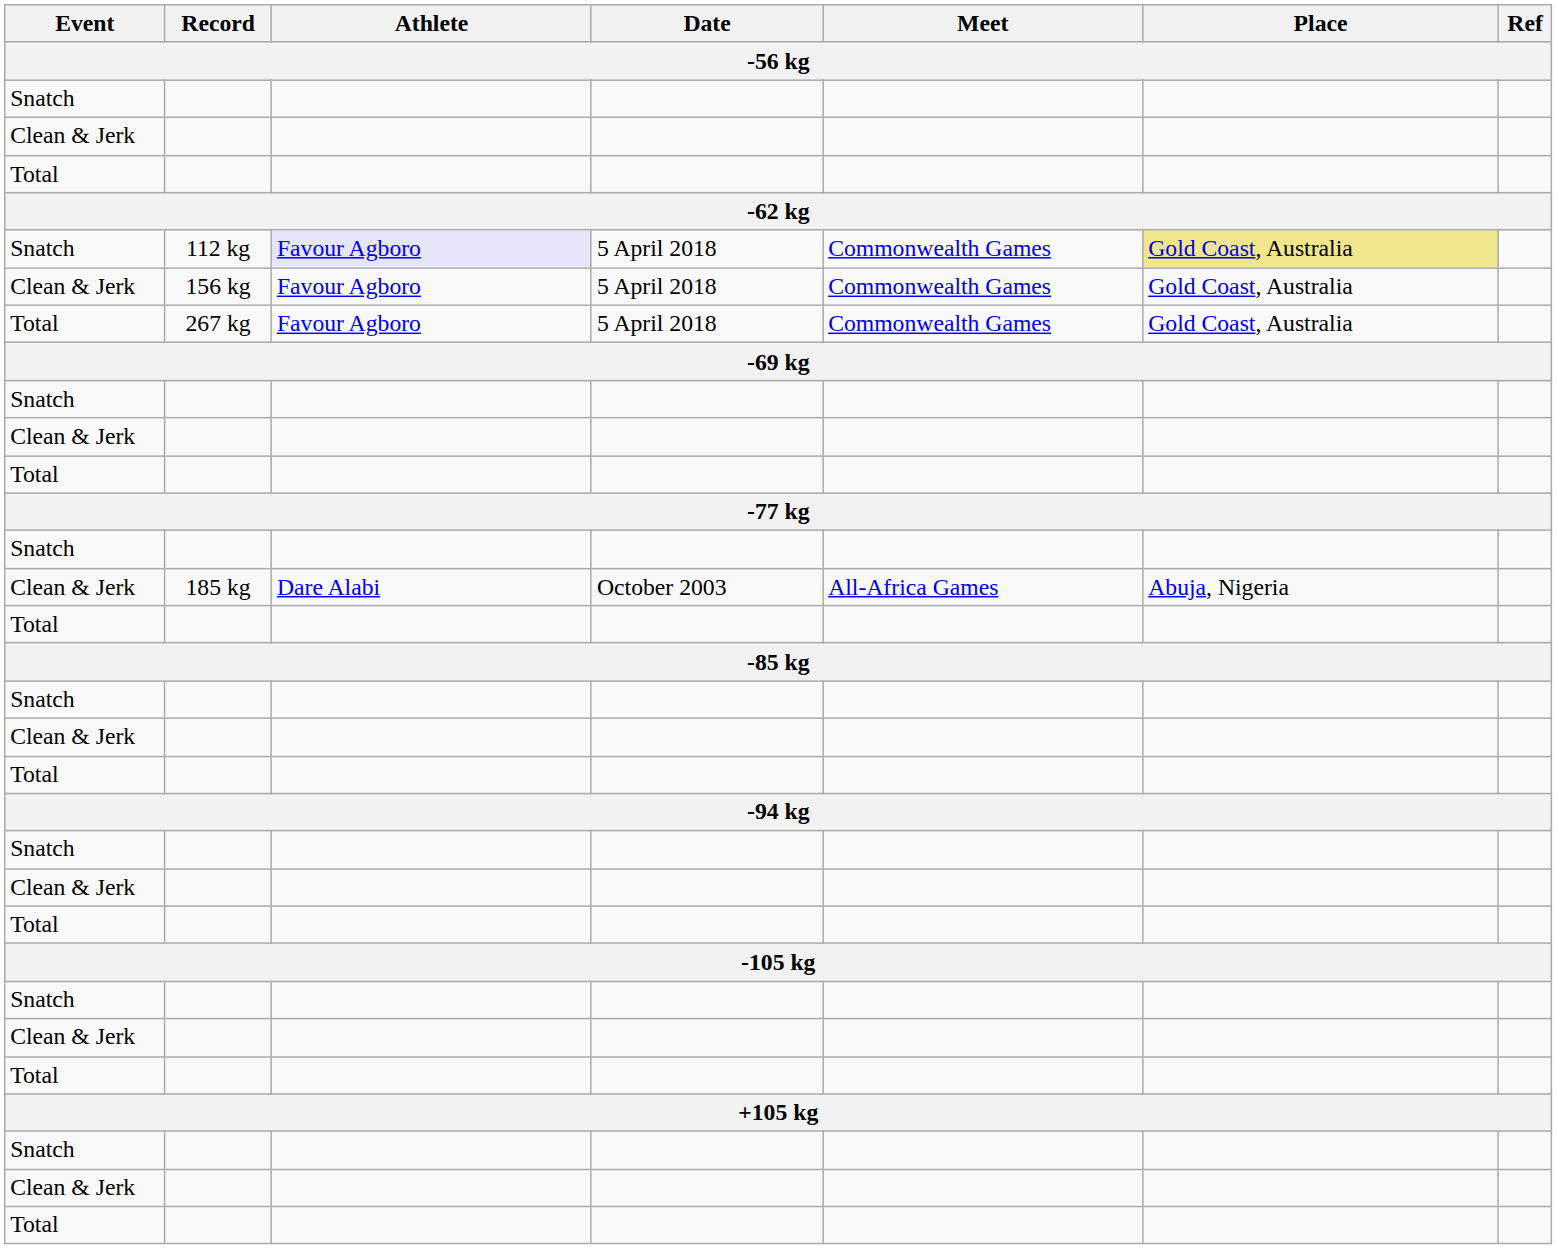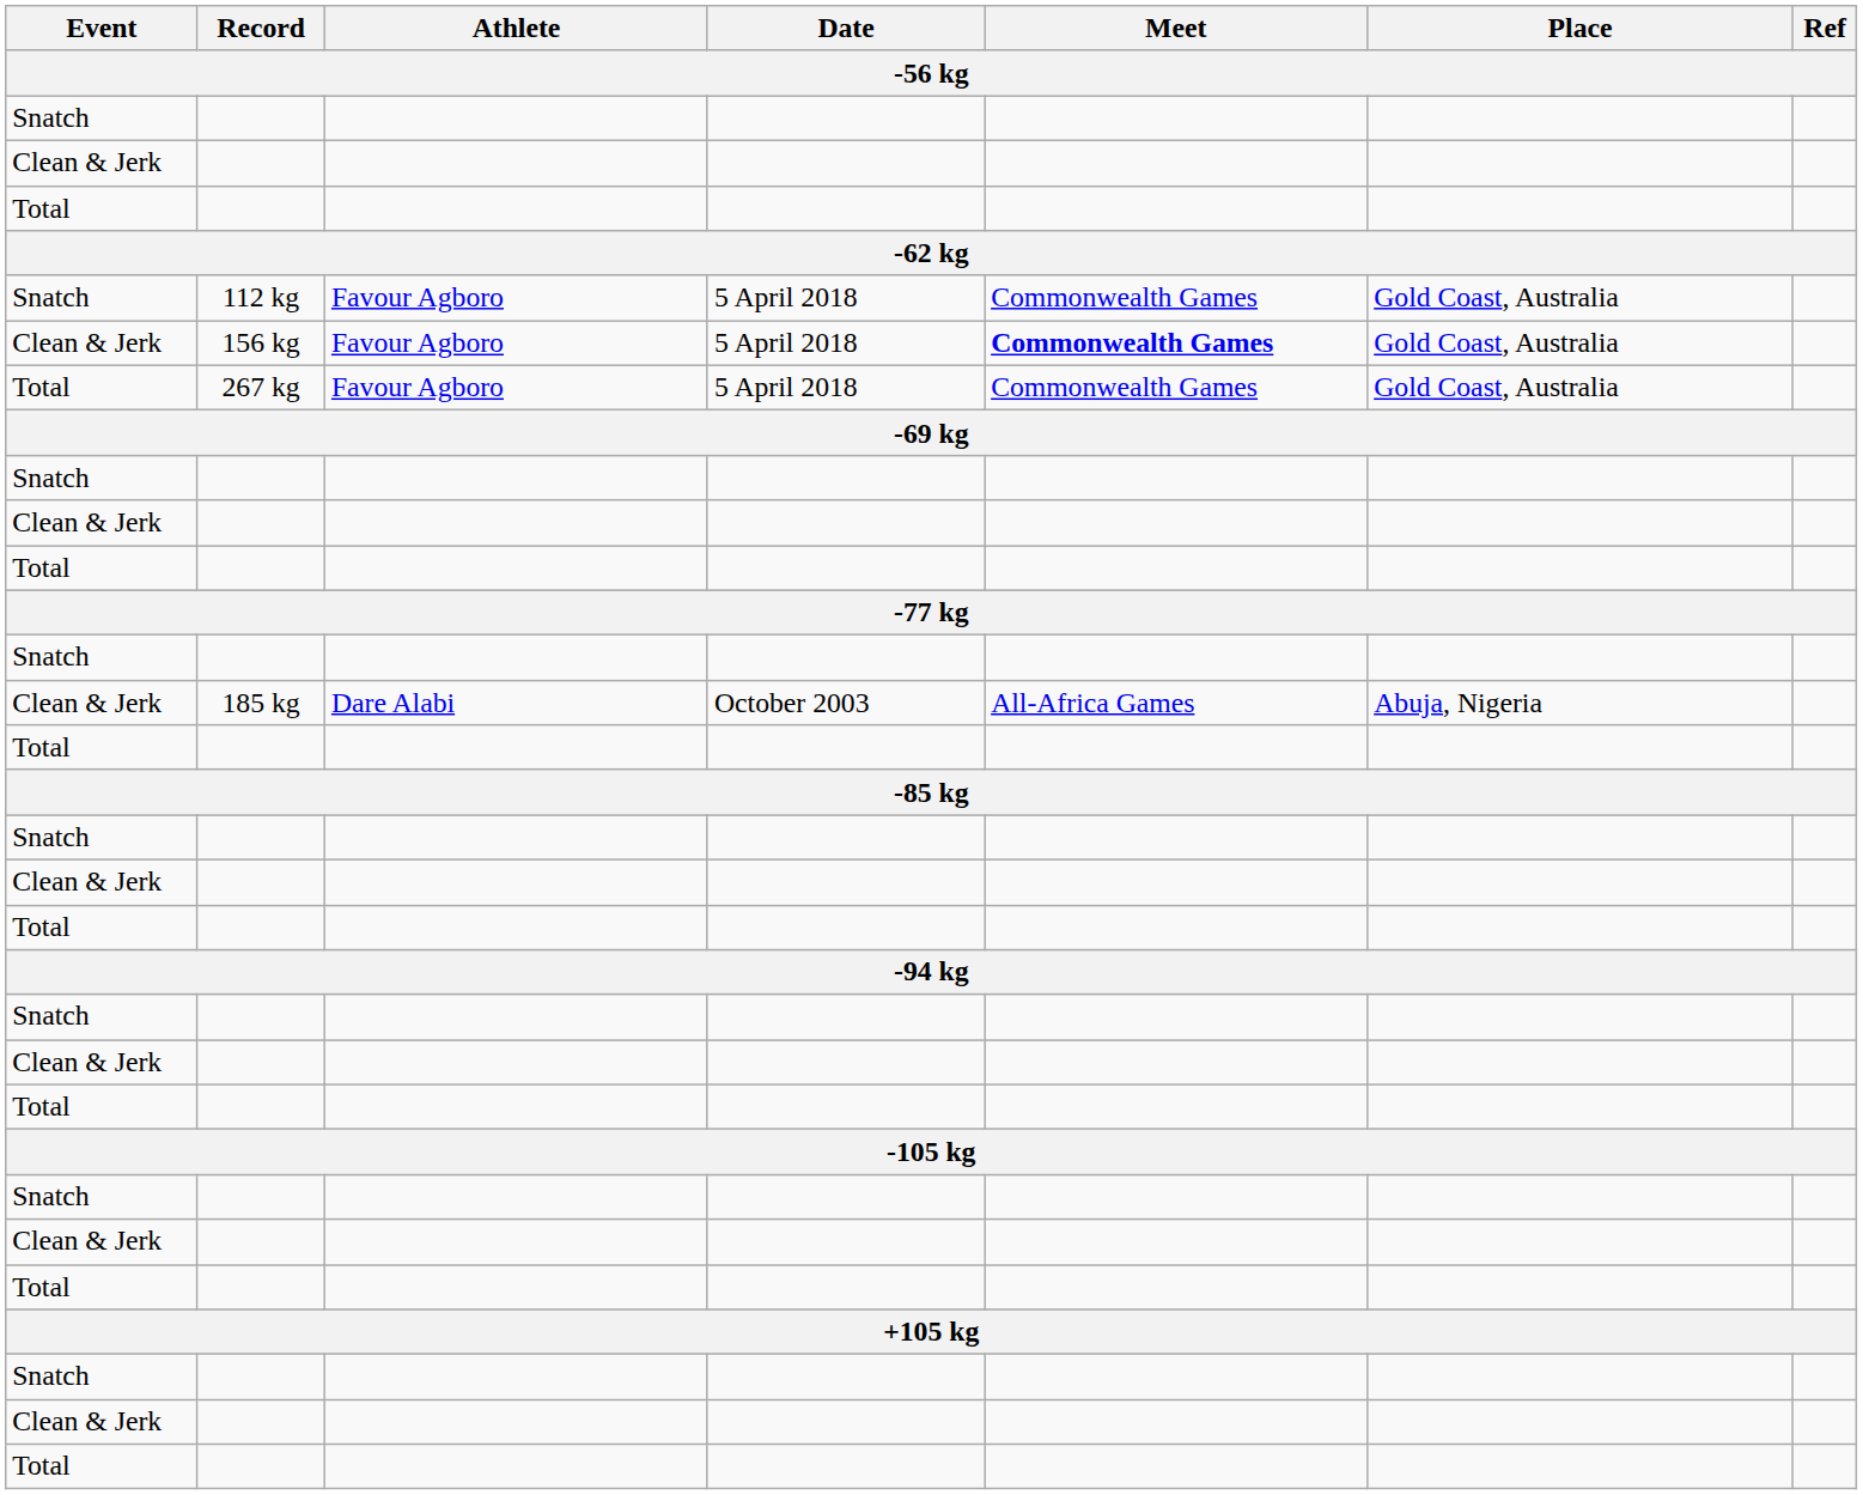 <table class="wikitable">
 <tr>
 <th width=9%>Event</th>
 <th width=6%>Record</th>
 <th width=18%>Athlete</th>
 <th width=13%>Date</th>
 <th width=18%>Meet</th>
 <th width=20%>Place</th>
 <th width=3%>Ref</th>
 </tr>
 <tr bgcolor="#DDDDDD">
 <th colspan="8">-56 kg</th>
 </tr>
 <tr>
 <td>Snatch</td>
 <td></td>
 <td></td>
 <td></td>
 <td></td>
 <td></td>
 <td></td>
 </tr>
 <tr>
 <td>Clean & Jerk</td>
 <td></td>
 <td></td>
 <td></td>
 <td></td>
 <td></td>
 <td></td>
 </tr>
 <tr>
 <td>Total</td>
 <td></td>
 <td></td>
 <td></td>
 <td></td>
 <td></td>
 <td></td>
 </tr>
 <tr bgcolor="#DDDDDD">
 <th colspan="8">-62 kg</th>
 </tr>
 <tr>
 <td>Snatch</td>
 <td align="center">112 kg</td>
-<td style="background: lavender;"><a href='#'>Favour Agboro</a></td>
+<td><a href='#'>Favour Agboro</a></td>
 <td>5 April 2018</td>
 <td><a href='#'>Commonwealth Games</a></td>
-<td style="background: khaki;"><a href='#'>Gold Coast</a>, Australia</td>
+<td><a href='#'>Gold Coast</a>, Australia</td>
 <td></td>
 </tr>
 <tr>
 <td>Clean & Jerk</td>
 <td align="center">156 kg</td>
 <td><a href='#'>Favour Agboro</a></td>
 <td>5 April 2018</td>
-<td><a href='#'>Commonwealth Games</a></td>
+<td><strong><a href='#'>Commonwealth Games</a></strong></td>
 <td><a href='#'>Gold Coast</a>, Australia</td>
 <td></td>
 </tr>
 <tr>
 <td>Total</td>
 <td align="center">267 kg</td>
 <td><a href='#'>Favour Agboro</a></td>
 <td>5 April 2018</td>
 <td><a href='#'>Commonwealth Games</a></td>
 <td><a href='#'>Gold Coast</a>, Australia</td>
 <td></td>
 </tr>
 <tr bgcolor="#DDDDDD">
 <th colspan="8">-69 kg</th>
 </tr>
 <tr>
 <td>Snatch</td>
 <td></td>
 <td></td>
 <td></td>
 <td></td>
 <td></td>
 <td></td>
 </tr>
 <tr>
 <td>Clean & Jerk</td>
 <td align="center"></td>
 <td></td>
 <td></td>
 <td></td>
 <td></td>
 <td></td>
 </tr>
 <tr>
 <td>Total</td>
 <td></td>
 <td></td>
 <td></td>
 <td></td>
 <td></td>
 <td></td>
 </tr>
 <tr bgcolor="#DDDDDD">
 <th colspan="8">-77 kg</th>
 </tr>
 <tr>
 <td>Snatch</td>
 <td></td>
 <td></td>
 <td></td>
 <td></td>
 <td></td>
 <td></td>
 </tr>
 <tr>
 <td>Clean & Jerk</td>
 <td align="center">185 kg</td>
 <td><a href='#'>Dare Alabi</a></td>
 <td>October 2003</td>
 <td><a href='#'>All-Africa Games</a></td>
 <td><a href='#'>Abuja</a>, Nigeria</td>
 <td></td>
 </tr>
 <tr>
 <td>Total</td>
 <td></td>
 <td></td>
 <td></td>
 <td></td>
 <td></td>
 <td></td>
 </tr>
 <tr bgcolor="#DDDDDD">
 <th colspan="8">-85 kg</th>
 </tr>
 <tr>
 <td>Snatch</td>
 <td align="center"></td>
 <td></td>
 <td></td>
 <td></td>
 <td></td>
 <td></td>
 </tr>
 <tr>
 <td>Clean & Jerk</td>
 <td align="center"></td>
 <td></td>
 <td></td>
 <td></td>
 <td></td>
 <td></td>
 </tr>
 <tr>
 <td>Total</td>
 <td align="center"></td>
 <td></td>
 <td></td>
 <td></td>
 <td></td>
 <td></td>
 </tr>
 <tr bgcolor="#DDDDDD">
 <th colspan="8">-94 kg</th>
 </tr>
 <tr>
 <td>Snatch</td>
 <td align="center"></td>
 <td></td>
 <td></td>
 <td></td>
 <td></td>
 <td></td>
 </tr>
 <tr>
 <td>Clean & Jerk</td>
 <td align="center"></td>
 <td></td>
 <td></td>
 <td></td>
 <td></td>
 <td></td>
 </tr>
 <tr>
 <td>Total</td>
 <td align="center"></td>
 <td></td>
 <td></td>
 <td></td>
 <td></td>
 <td></td>
 </tr>
 <tr bgcolor="#DDDDDD">
 <th colspan="8">-105 kg</th>
 </tr>
 <tr>
 <td>Snatch</td>
 <td></td>
 <td></td>
 <td></td>
 <td></td>
 <td></td>
 <td></td>
 </tr>
 <tr>
 <td>Clean & Jerk</td>
 <td align="center"></td>
 <td></td>
 <td></td>
 <td></td>
 <td></td>
 <td></td>
 </tr>
 <tr>
 <td>Total</td>
 <td></td>
 <td></td>
 <td></td>
 <td></td>
 <td></td>
 <td></td>
 </tr>
 <tr bgcolor="#DDDDDD">
 <th colspan="8">+105 kg</th>
 </tr>
 <tr>
 <td>Snatch</td>
 <td align="center"></td>
 <td></td>
 <td></td>
 <td></td>
 <td></td>
 <td></td>
 </tr>
 <tr>
 <td>Clean & Jerk</td>
 <td></td>
 <td></td>
 <td></td>
 <td></td>
 <td></td>
 <td></td>
 </tr>
 <tr>
 <td>Total</td>
 <td></td>
 <td></td>
 <td></td>
 <td></td>
 <td></td>
 <td></td>
 </tr>
 </table>
